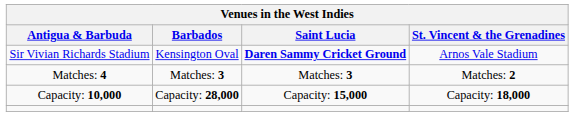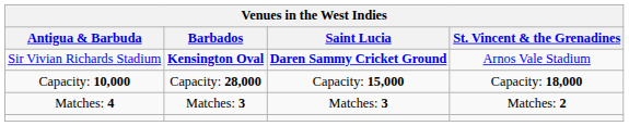 <table class="wikitable" style="text-align:center;margin:auto;font-size:90%;">
 <tr>
 <th colspan="4">Venues in the West Indies</th>
 </tr>
 <tr>
 <th><a href='#'>Antigua & Barbuda</a></th>
 <th><a href='#'>Barbados</a></th>
 <th><a href='#'>Saint Lucia</a></th>
 <th><a href='#'>St. Vincent & the Grenadines</a></th>
 </tr>
 <tr>
 <td><a href='#'>Sir Vivian Richards Stadium</a></td>
-<td><a href='#'>Kensington Oval</a></td>
+<td><strong><a href='#'>Kensington Oval</a></strong></td>
 <td><strong><a href='#'>Daren Sammy Cricket Ground</a></strong></td>
 <td><a href='#'>Arnos Vale Stadium</a></td>
+</tr>
+<tr>
+<td>Capacity: <strong>10,000</strong></td>
+<td>Capacity: <strong>28,000</strong></td>
+<td>Capacity: <strong>15,000</strong></td>
+<td>Capacity: <strong>18,000</strong></td>
 </tr>
 <tr>
 <td>Matches: <strong>4</strong></td>
 <td>Matches: <strong>3</strong></td>
 <td>Matches: <strong>3</strong></td>
 <td>Matches: <strong>2</strong></td>
 </tr>
 <tr>
-<td>Capacity: <strong>10,000</strong></td>
-<td>Capacity: <strong>28,000</strong></td>
-<td>Capacity: <strong>15,000</strong></td>
-<td>Capacity: <strong>18,000</strong></td>
-</tr>
-<tr>
 <td></td>
 <td></td>
 <td></td>
 <td></td>
 </tr>
 </table>
